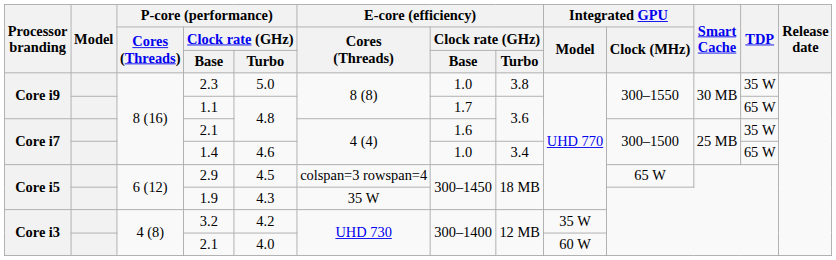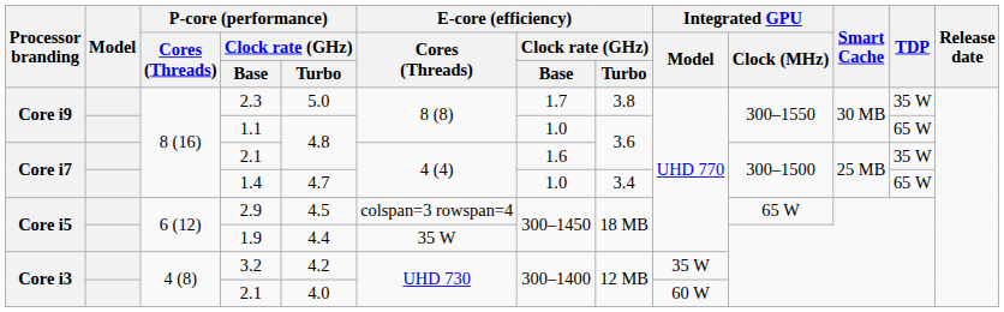 <table class="wikitable sortable nowrap" style="text-align: center;">
 <tr>
 <th class="unsortable" rowspan="3">Processor<br>branding</th>
 <th rowspan="3">Model</th>
 <th colspan="3">P-core (performance)</th>
 <th colspan="3">E-core (efficiency)</th>
 <th colspan="2">Integrated <a href='#'>GPU</a></th>
 <th class="unsortable" rowspan="3"><a href='#'>Smart<br>Cache</a></th>
 <th rowspan="3"><a href='#'>TDP</a></th>
 <th rowspan="3">Release<br>date</th>
 </tr>
 <tr>
 <th class="unsortable" rowspan="2"><a href='#'>Cores</a><br>(<a href='#'>Threads</a>)</th>
 <th colspan="2"><a href='#'>Clock rate</a> (GHz)</th>
 <th class="unsortable" rowspan="2">Cores<br>(Threads)</th>
 <th colspan="2">Clock rate (GHz)</th>
 <th class="unsortable" rowspan="2">Model</th>
 <th class="unsortable" rowspan="2">Clock (MHz)</th>
 </tr>
 <tr>
 <th class="unsortable">Base</th>
 <th class="unsortable">Turbo</th>
 <th class="unsortable">Base</th>
 <th class="unsortable">Turbo</th>
 </tr>
 <tr>
 <th rowspan=2>Core i9</th>
 <th style="text-align:left;" data-sort-value="sku8"></th>
 <td rowspan=4>8 (16)</td>
 <td>2.3</td>
 <td>5.0</td>
 <td rowspan=2>8 (8)</td>
-<td>1.0</td>
+<td>1.7</td>
 <td>3.8</td>
 <td rowspan=6><a href='#'>UHD 770</a></td>
 <td rowspan=2>300–1550</td>
 <td rowspan=2>30 MB</td>
 <td>35 W</td>
 <td rowspan=8></td>
 </tr>
 <tr>
 <th style="text-align:left;" data-sort-value="sku7"></th>
 <td>1.1</td>
 <td rowspan=2>4.8</td>
-<td>1.7</td>
+<td>1.0</td>
 <td rowspan=2>3.6</td>
 <td>65 W</td>
 </tr>
 <tr>
 <th rowspan=2>Core i7</th>
 <th style="text-align:left;" data-sort-value="sku6"></th>
 <td>2.1</td>
 <td rowspan=2>4 (4)</td>
 <td>1.6</td>
 <td rowspan=2>300–1500</td>
 <td rowspan=2>25 MB</td>
 <td>35 W</td>
 </tr>
 <tr>
 <th style="text-align:left;" data-sort-value="sku5"></th>
 <td>1.4</td>
-<td>4.6</td>
+<td>4.7</td>
 <td>1.0</td>
 <td>3.4</td>
 <td>65 W</td>
 </tr>
 <tr>
 <th rowspan=2>Core i5</th>
 <th style="text-align:left;" data-sort-value="sku4"></th>
 <td rowspan=2>6 (12)</td>
 <td>2.9</td>
 <td>4.5</td>
 <td>colspan=3 rowspan=4 </td>
 <td rowspan=2>300–1450</td>
 <td rowspan=2>18 MB</td>
 <td>65 W</td>
 </tr>
 <tr>
 <th style="text-align:left;" data-sort-value="sku3"></th>
 <td>1.9</td>
-<td>4.3</td>
+<td>4.4</td>
 <td>35 W</td>
 </tr>
 <tr>
 <th rowspan=2>Core i3</th>
 <th style="text-align:left;" data-sort-value="sku2"></th>
 <td rowspan=2>4 (8)</td>
 <td>3.2</td>
 <td>4.2</td>
 <td rowspan=2><a href='#'>UHD 730</a></td>
 <td rowspan=2>300–1400</td>
 <td rowspan=2>12 MB</td>
 <td>35 W</td>
 </tr>
 <tr>
 <th style="text-align:left;" data-sort-value="sku1"></th>
 <td>2.1</td>
 <td>4.0</td>
 <td>60 W</td>
 </tr>
 </table>
